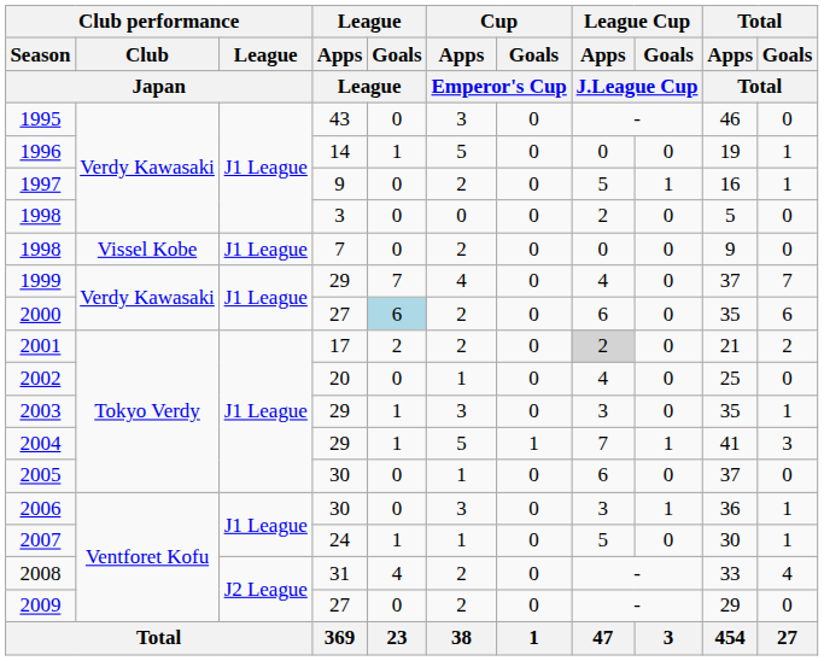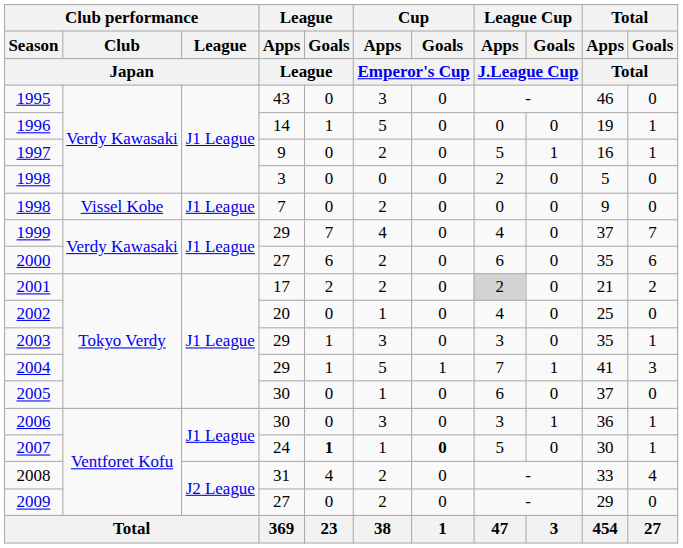 <table class="wikitable" style="text-align:center;">
 <tr>
 <th colspan=3>Club performance</th>
 <th colspan=2>League</th>
 <th colspan=2>Cup</th>
 <th colspan=2>League Cup</th>
 <th colspan=2>Total</th>
 </tr>
 <tr>
 <th>Season</th>
 <th>Club</th>
 <th>League</th>
 <th>Apps</th>
 <th>Goals</th>
 <th>Apps</th>
 <th>Goals</th>
 <th>Apps</th>
 <th>Goals</th>
 <th>Apps</th>
 <th>Goals</th>
 </tr>
 <tr>
 <th colspan=3>Japan</th>
 <th colspan=2>League</th>
 <th colspan=2><a href='#'>Emperor's Cup</a></th>
 <th colspan=2><a href='#'>J.League Cup</a></th>
 <th colspan=2>Total</th>
 </tr>
 <tr>
 <td><a href='#'>1995</a></td>
 <td rowspan="4"><a href='#'>Verdy Kawasaki</a></td>
 <td rowspan="4"><a href='#'>J1 League</a></td>
 <td>43</td>
 <td>0</td>
 <td>3</td>
 <td>0</td>
 <td colspan="2">-</td>
 <td>46</td>
 <td>0</td>
 </tr>
 <tr>
 <td><a href='#'>1996</a></td>
 <td>14</td>
 <td>1</td>
 <td>5</td>
 <td>0</td>
 <td>0</td>
 <td>0</td>
 <td>19</td>
 <td>1</td>
 </tr>
 <tr>
 <td><a href='#'>1997</a></td>
 <td>9</td>
 <td>0</td>
 <td>2</td>
 <td>0</td>
 <td>5</td>
 <td>1</td>
 <td>16</td>
 <td>1</td>
 </tr>
 <tr>
 <td><a href='#'>1998</a></td>
 <td>3</td>
 <td>0</td>
 <td>0</td>
 <td>0</td>
 <td>2</td>
 <td>0</td>
 <td>5</td>
 <td>0</td>
 </tr>
 <tr>
 <td><a href='#'>1998</a></td>
 <td><a href='#'>Vissel Kobe</a></td>
 <td><a href='#'>J1 League</a></td>
 <td>7</td>
 <td>0</td>
 <td>2</td>
 <td>0</td>
 <td>0</td>
 <td>0</td>
 <td>9</td>
 <td>0</td>
 </tr>
 <tr>
 <td><a href='#'>1999</a></td>
 <td rowspan="2"><a href='#'>Verdy Kawasaki</a></td>
 <td rowspan="2"><a href='#'>J1 League</a></td>
 <td>29</td>
 <td>7</td>
 <td>4</td>
 <td>0</td>
 <td>4</td>
 <td>0</td>
 <td>37</td>
 <td>7</td>
 </tr>
 <tr>
 <td><a href='#'>2000</a></td>
 <td>27</td>
-<td style="background: lightblue;">6</td>
+<td>6</td>
 <td>2</td>
 <td>0</td>
 <td>6</td>
 <td>0</td>
 <td>35</td>
 <td>6</td>
 </tr>
 <tr>
 <td><a href='#'>2001</a></td>
 <td rowspan="5"><a href='#'>Tokyo Verdy</a></td>
 <td rowspan="5"><a href='#'>J1 League</a></td>
 <td>17</td>
 <td>2</td>
 <td>2</td>
 <td>0</td>
 <td style="background: lightgrey;">2</td>
 <td>0</td>
 <td>21</td>
 <td>2</td>
 </tr>
 <tr>
 <td><a href='#'>2002</a></td>
 <td>20</td>
 <td>0</td>
 <td>1</td>
 <td>0</td>
 <td>4</td>
 <td>0</td>
 <td>25</td>
 <td>0</td>
 </tr>
 <tr>
 <td><a href='#'>2003</a></td>
 <td>29</td>
 <td>1</td>
 <td>3</td>
 <td>0</td>
 <td>3</td>
 <td>0</td>
 <td>35</td>
 <td>1</td>
 </tr>
 <tr>
 <td><a href='#'>2004</a></td>
 <td>29</td>
 <td>1</td>
 <td>5</td>
 <td>1</td>
 <td>7</td>
 <td>1</td>
 <td>41</td>
 <td>3</td>
 </tr>
 <tr>
 <td><a href='#'>2005</a></td>
 <td>30</td>
 <td>0</td>
 <td>1</td>
 <td>0</td>
 <td>6</td>
 <td>0</td>
 <td>37</td>
 <td>0</td>
 </tr>
 <tr>
 <td><a href='#'>2006</a></td>
 <td rowspan="4"><a href='#'>Ventforet Kofu</a></td>
 <td rowspan="2"><a href='#'>J1 League</a></td>
 <td>30</td>
 <td>0</td>
 <td>3</td>
 <td>0</td>
 <td>3</td>
 <td>1</td>
 <td>36</td>
 <td>1</td>
 </tr>
 <tr>
 <td><a href='#'>2007</a></td>
 <td>24</td>
+<td><strong>1</strong></td>
 <td>1</td>
-<td>1</td>
-<td>0</td>
+<td><strong>0</strong></td>
 <td>5</td>
 <td>0</td>
 <td>30</td>
 <td>1</td>
 </tr>
 <tr>
 <td>2008</td>
 <td rowspan="2"><a href='#'>J2 League</a></td>
 <td>31</td>
 <td>4</td>
 <td>2</td>
 <td>0</td>
 <td colspan="2">-</td>
 <td>33</td>
 <td>4</td>
 </tr>
 <tr>
 <td><a href='#'>2009</a></td>
 <td>27</td>
 <td>0</td>
 <td>2</td>
 <td>0</td>
 <td colspan="2">-</td>
 <td>29</td>
 <td>0</td>
 </tr>
 <tr>
 <th colspan=3>Total</th>
 <th>369</th>
 <th>23</th>
 <th>38</th>
 <th>1</th>
 <th>47</th>
 <th>3</th>
 <th>454</th>
 <th>27</th>
 </tr>
 </table>
